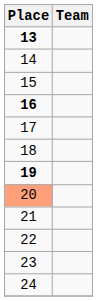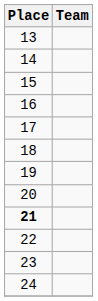 <table class="wikitable" style="text-align:center; padding-bottom:0;">
 <tr>
 <th>Place</th>
 <th style="text-align:left;">Team</th>
 </tr>
 <tr>
-<td><strong>13</strong></td>
+<td>13</td>
 <td align=left></td>
 </tr>
 <tr>
 <td>14</td>
 <td align=left></td>
 </tr>
 <tr>
 <td>15</td>
 <td align=left></td>
 </tr>
 <tr>
-<td><strong>16</strong></td>
+<td>16</td>
 <td align=left></td>
 </tr>
 <tr>
 <td>17</td>
 <td align=left></td>
 </tr>
 <tr>
 <td>18</td>
 <td align=left></td>
 </tr>
 <tr>
-<td><strong>19</strong></td>
+<td>19</td>
 <td align=left></td>
 </tr>
 <tr>
-<td style="background: lightsalmon;">20</td>
+<td>20</td>
 <td align=left></td>
 </tr>
 <tr>
-<td>21</td>
+<td><strong>21</strong></td>
 <td align=left></td>
 </tr>
 <tr>
 <td>22</td>
 <td align=left></td>
 </tr>
 <tr>
 <td>23</td>
 <td align=left></td>
 </tr>
 <tr>
 <td>24</td>
 <td align=left></td>
 </tr>
 <tr>
 </tr>
 </table>
